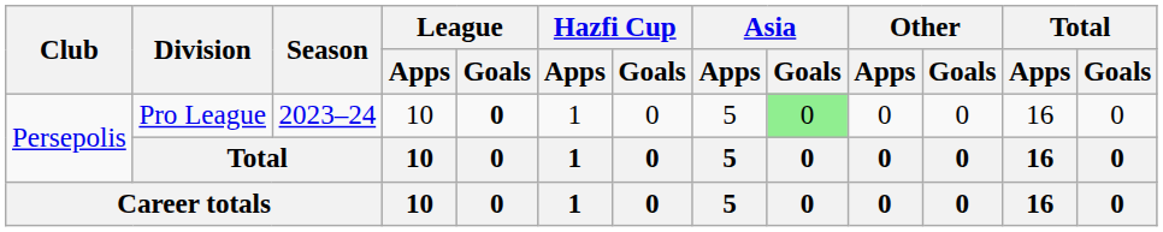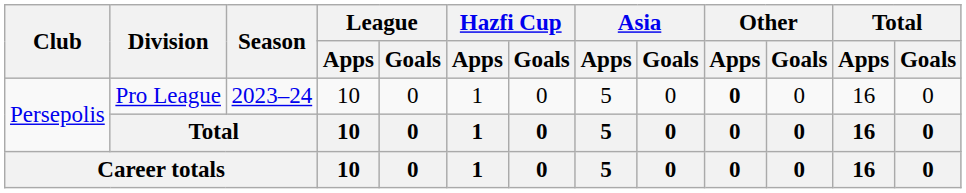 <table class="wikitable" style="text-align: center;">
 <tr>
 <th rowspan="2">Club</th>
 <th rowspan="2">Division</th>
 <th rowspan="2">Season</th>
 <th colspan="2">League</th>
 <th colspan="2"><a href='#'>Hazfi Cup</a></th>
 <th colspan="2"><a href='#'>Asia</a></th>
 <th colspan="2">Other</th>
 <th colspan="2">Total</th>
 </tr>
 <tr>
 <th>Apps</th>
 <th>Goals</th>
 <th>Apps</th>
 <th>Goals</th>
 <th>Apps</th>
 <th>Goals</th>
 <th>Apps</th>
 <th>Goals</th>
 <th>Apps</th>
 <th>Goals</th>
 </tr>
 <tr>
 <td rowspan="2"><a href='#'>Persepolis</a></td>
 <td rowspan="1"><a href='#'>Pro League</a></td>
 <td><a href='#'>2023–24</a></td>
 <td>10</td>
-<td><strong>0</strong></td>
+<td>0</td>
 <td>1</td>
 <td>0</td>
 <td>5</td>
-<td style="background: lightgreen;">0</td>
 <td>0</td>
+<td><strong>0</strong></td>
 <td>0</td>
 <td>16</td>
 <td>0</td>
 </tr>
 <tr>
 <th colspan="2">Total</th>
 <th>10</th>
 <th>0</th>
 <th>1</th>
 <th>0</th>
 <th>5</th>
 <th>0</th>
 <th>0</th>
 <th>0</th>
 <th>16</th>
 <th>0</th>
 </tr>
 <tr>
 <th colspan="3">Career totals</th>
 <th>10</th>
 <th>0</th>
 <th>1</th>
 <th>0</th>
 <th>5</th>
 <th>0</th>
 <th>0</th>
 <th>0</th>
 <th>16</th>
 <th>0</th>
 </tr>
 </table>
